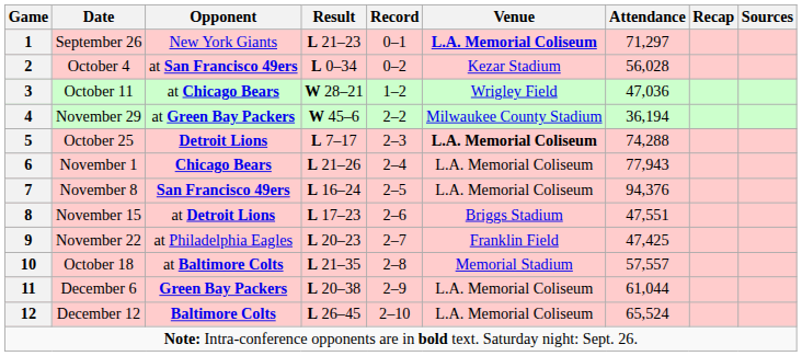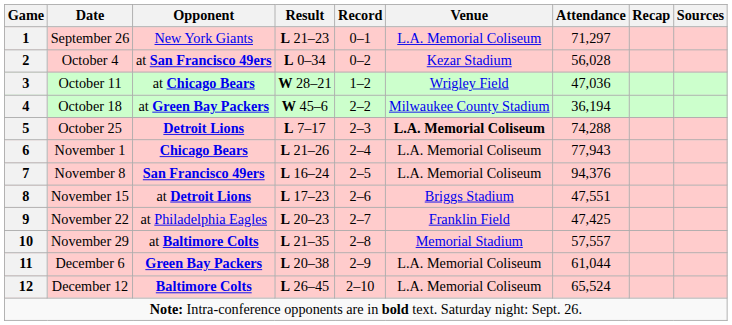 <table class="wikitable" style="text-align:center">
 <tr>
 <th>Game</th>
 <th>Date</th>
 <th>Opponent</th>
 <th>Result</th>
 <th>Record</th>
 <th>Venue</th>
 <th>Attendance</th>
 <th>Recap</th>
 <th>Sources</th>
 </tr>
 <tr style="background:#fcc">
 <th>1</th>
 <td>September 26</td>
 <td><a href='#'>New York Giants</a></td>
 <td><strong>L</strong> 21–23</td>
 <td>0–1</td>
-<td><strong><a href='#'>L.A. Memorial Coliseum</a></strong></td>
+<td><a href='#'>L.A. Memorial Coliseum</a></td>
 <td>71,297</td>
 <td></td>
 <td></td>
 </tr>
 <tr style="background:#fcc">
 <th>2</th>
 <td>October 4</td>
 <td>at <strong><a href='#'>San Francisco 49ers</a></strong></td>
 <td><strong>L</strong> 0–34</td>
 <td>0–2</td>
 <td><a href='#'>Kezar Stadium</a></td>
 <td>56,028</td>
 <td></td>
 <td></td>
 </tr>
 <tr style="background:#cfc">
 <th>3</th>
 <td>October 11</td>
 <td>at <strong><a href='#'>Chicago Bears</a></strong></td>
 <td><strong>W</strong> 28–21</td>
 <td>1–2</td>
 <td><a href='#'>Wrigley Field</a></td>
 <td>47,036</td>
 <td></td>
 <td></td>
 </tr>
 <tr style="background:#cfc">
 <th>4</th>
-<td>November 29</td>
+<td>October 18</td>
 <td>at <strong><a href='#'>Green Bay Packers</a></strong></td>
 <td><strong>W</strong> 45–6</td>
 <td>2–2</td>
 <td><a href='#'>Milwaukee County Stadium</a></td>
 <td>36,194</td>
 <td></td>
 <td></td>
 </tr>
 <tr style="background:#fcc">
 <th>5</th>
 <td>October 25</td>
 <td><strong><a href='#'>Detroit Lions</a></strong></td>
 <td><strong>L</strong> 7–17</td>
 <td>2–3</td>
 <td><strong>L.A. Memorial Coliseum</strong></td>
 <td>74,288</td>
 <td></td>
 <td></td>
 </tr>
 <tr style="background:#fcc">
 <th>6</th>
 <td>November 1</td>
 <td><strong><a href='#'>Chicago Bears</a></strong></td>
 <td><strong>L</strong> 21–26</td>
 <td>2–4</td>
 <td>L.A. Memorial Coliseum</td>
 <td>77,943</td>
 <td></td>
 <td></td>
 </tr>
 <tr style="background:#fcc">
 <th>7</th>
 <td>November 8</td>
 <td><strong><a href='#'>San Francisco 49ers</a></strong></td>
 <td><strong>L</strong> 16–24</td>
 <td>2–5</td>
 <td>L.A. Memorial Coliseum</td>
 <td>94,376</td>
 <td></td>
 <td></td>
 </tr>
 <tr style="background:#fcc">
 <th>8</th>
 <td>November 15</td>
 <td>at <strong><a href='#'>Detroit Lions</a></strong></td>
 <td><strong>L</strong> 17–23</td>
 <td>2–6</td>
 <td><a href='#'>Briggs Stadium</a></td>
 <td>47,551</td>
 <td></td>
 <td></td>
 </tr>
 <tr style="background:#fcc">
 <th>9</th>
 <td>November 22</td>
 <td>at <a href='#'>Philadelphia Eagles</a></td>
 <td><strong>L</strong> 20–23</td>
 <td>2–7</td>
 <td><a href='#'>Franklin Field</a></td>
 <td>47,425</td>
 <td></td>
 <td></td>
 </tr>
 <tr style="background:#fcc">
 <th>10</th>
-<td>October 18</td>
+<td>November 29</td>
 <td>at <strong><a href='#'>Baltimore Colts</a></strong></td>
 <td><strong>L</strong> 21–35</td>
 <td>2–8</td>
 <td><a href='#'>Memorial Stadium</a></td>
 <td>57,557</td>
 <td></td>
 <td></td>
 </tr>
 <tr style="background:#fcc">
 <th>11</th>
 <td>December 6</td>
 <td><strong><a href='#'>Green Bay Packers</a></strong></td>
 <td><strong>L</strong> 20–38</td>
 <td>2–9</td>
 <td>L.A. Memorial Coliseum</td>
 <td>61,044</td>
 <td></td>
 <td></td>
 </tr>
 <tr style="background:#fcc">
 <th>12</th>
 <td>December 12</td>
 <td><strong><a href='#'>Baltimore Colts</a></strong></td>
 <td><strong>L</strong> 26–45</td>
 <td>2–10</td>
 <td>L.A. Memorial Coliseum</td>
 <td>65,524</td>
 <td></td>
 <td></td>
 </tr>
 <tr>
 <td colspan="10"><strong>Note:</strong> Intra-conference opponents are in <strong>bold</strong> text. Saturday night: Sept. 26.</td>
 </tr>
 </table>
